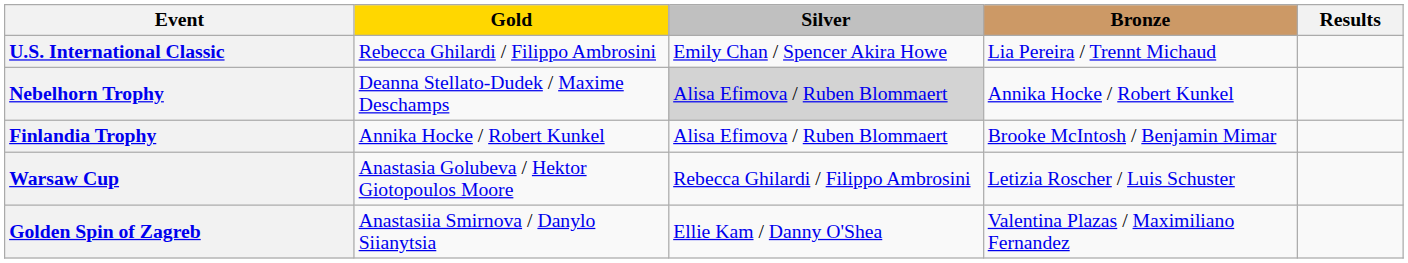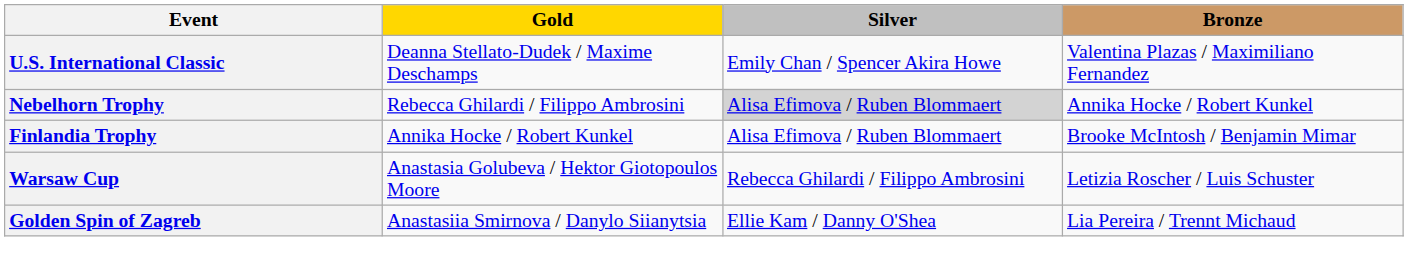 <table class="wikitable unsortable" style="text-align:left; width:90%;">
 <tr>
 <th scope="col" style="text-align:center; width:25%;">Event</th>
 <td scope="col" style="text-align:center; width:22.5%; background:gold"><strong>Gold</strong></td>
 <td scope="col" style="text-align:center; width:22.5%; background:silver"><strong>Silver</strong></td>
 <td scope="col" style="text-align:center; width:22.5%; background:#c96"><strong>Bronze</strong></td>
-<th scope="col" style="text-align:center; width:7.5%;">Results</th>
 </tr>
 <tr>
 <th scope="row" style="text-align:left"> <a href='#'>U.S. International Classic</a></th>
-<td> <a href='#'>Rebecca Ghilardi</a> / <a href='#'>Filippo Ambrosini</a></td>
+<td> <a href='#'>Deanna Stellato-Dudek</a> / <a href='#'>Maxime Deschamps</a></td>
 <td> <a href='#'>Emily Chan</a> / <a href='#'>Spencer Akira Howe</a></td>
-<td> <a href='#'>Lia Pereira</a> / <a href='#'>Trennt Michaud</a></td>
-<td></td>
+<td> <a href='#'>Valentina Plazas</a> / <a href='#'>Maximiliano Fernandez</a></td>
 </tr>
 <tr>
 <th scope="row" style="text-align:left"> <a href='#'>Nebelhorn Trophy</a></th>
-<td> <a href='#'>Deanna Stellato-Dudek</a> / <a href='#'>Maxime Deschamps</a></td>
+<td> <a href='#'>Rebecca Ghilardi</a> / <a href='#'>Filippo Ambrosini</a></td>
 <td style="background: lightgrey;"> <a href='#'>Alisa Efimova</a> / <a href='#'>Ruben Blommaert</a></td>
 <td> <a href='#'>Annika Hocke</a> / <a href='#'>Robert Kunkel</a></td>
-<td></td>
 </tr>
 <tr>
 <th scope="row" style="text-align:left"> <a href='#'>Finlandia Trophy</a></th>
 <td> <a href='#'>Annika Hocke</a> / <a href='#'>Robert Kunkel</a></td>
 <td> <a href='#'>Alisa Efimova</a> / <a href='#'>Ruben Blommaert</a></td>
 <td> <a href='#'>Brooke McIntosh</a> / <a href='#'>Benjamin Mimar</a></td>
-<td></td>
 </tr>
 <tr>
 <th scope="row" style="text-align:left"> <a href='#'>Warsaw Cup</a></th>
 <td> <a href='#'>Anastasia Golubeva</a> / <a href='#'>Hektor Giotopoulos Moore</a></td>
 <td> <a href='#'>Rebecca Ghilardi</a> / <a href='#'>Filippo Ambrosini</a></td>
 <td> <a href='#'>Letizia Roscher</a> / <a href='#'>Luis Schuster</a></td>
-<td></td>
 </tr>
 <tr>
 <th scope="row" style="text-align:left"> <a href='#'>Golden Spin of Zagreb</a></th>
 <td> <a href='#'>Anastasiia Smirnova</a> / <a href='#'>Danylo Siianytsia</a></td>
 <td> <a href='#'>Ellie Kam</a> / <a href='#'>Danny O'Shea</a></td>
-<td> <a href='#'>Valentina Plazas</a> / <a href='#'>Maximiliano Fernandez</a></td>
-<td></td>
+<td> <a href='#'>Lia Pereira</a> / <a href='#'>Trennt Michaud</a></td>
 </tr>
 </table>
